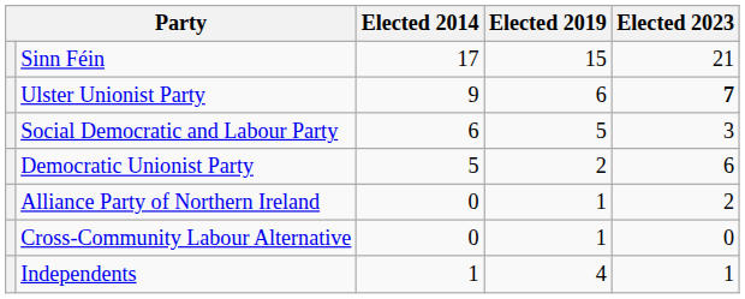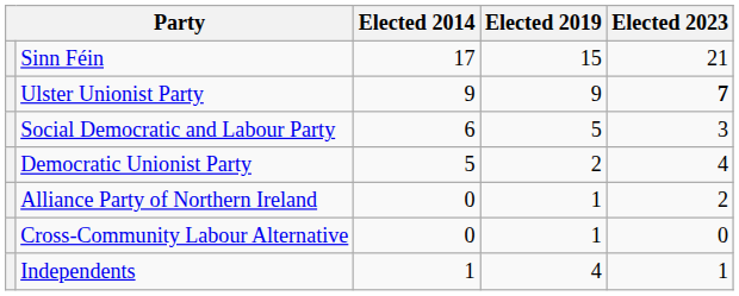 <table class="wikitable" style="font-size: 95%;">
 <tr>
 <th colspan=2>Party</th>
 <th>Elected 2014</th>
 <th>Elected 2019</th>
 <th>Elected 2023</th>
 </tr>
 <tr>
 <th style="background-color: "></th>
 <td><a href='#'>Sinn Féin</a></td>
 <td align="right">17</td>
 <td align="right">15</td>
 <td align="right">21</td>
 </tr>
 <tr>
 <th style="background-color: "></th>
 <td><a href='#'>Ulster Unionist Party</a></td>
 <td align="right">9</td>
-<td align="right">6</td>
+<td align="right">9</td>
 <td align="right"><strong>7</strong></td>
 </tr>
 <tr>
 <th style="background-color: "></th>
 <td><a href='#'>Social Democratic and Labour Party</a></td>
 <td align="right">6</td>
 <td align="right">5</td>
 <td align="right">3</td>
 </tr>
 <tr>
 <th style="background-color: "></th>
 <td><a href='#'>Democratic Unionist Party</a></td>
 <td align="right">5</td>
 <td align="right">2</td>
-<td align="right">6</td>
+<td align="right">4</td>
 </tr>
 <tr>
 <th style="background-color: "></th>
 <td><a href='#'>Alliance Party of Northern Ireland</a></td>
 <td align="right">0</td>
 <td align="right">1</td>
 <td align="right">2</td>
 </tr>
 <tr>
 <th style="background-color: "></th>
 <td><a href='#'>Cross-Community Labour Alternative</a></td>
 <td align="right">0</td>
 <td align="right">1</td>
 <td align="right">0</td>
 </tr>
 <tr>
 <th style="background-color: "></th>
 <td><a href='#'>Independents</a></td>
 <td align="right">1</td>
 <td align="right">4</td>
 <td align="right">1</td>
 </tr>
 </table>
